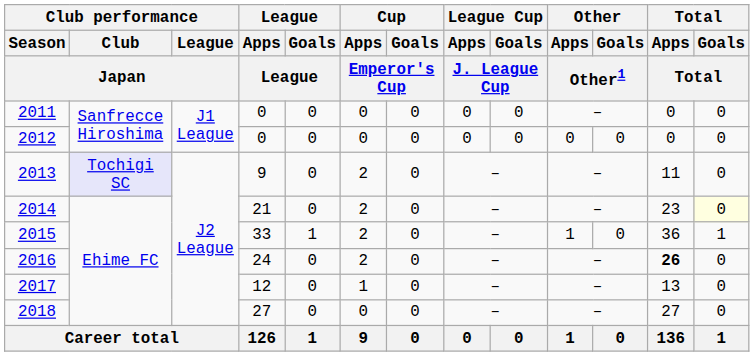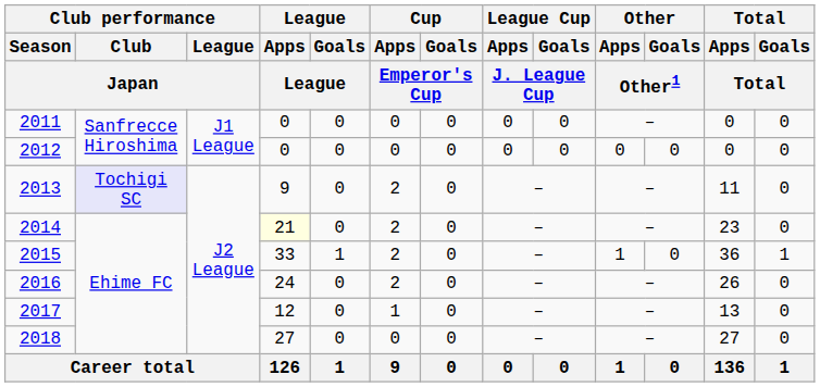 <table class="wikitable" style="text-align:center">
 <tr>
 <th colspan=3>Club performance</th>
 <th colspan=2>League</th>
 <th colspan=2>Cup</th>
 <th colspan=2>League Cup</th>
 <th colspan=2>Other</th>
 <th colspan=2>Total</th>
 </tr>
 <tr>
 <th>Season</th>
 <th>Club</th>
 <th>League</th>
 <th>Apps</th>
 <th>Goals</th>
 <th>Apps</th>
 <th>Goals</th>
 <th>Apps</th>
 <th>Goals</th>
 <th>Apps</th>
 <th>Goals</th>
 <th>Apps</th>
 <th>Goals</th>
 </tr>
 <tr>
 <th colspan=3>Japan</th>
 <th colspan=2>League</th>
 <th colspan=2><a href='#'>Emperor's Cup</a></th>
 <th colspan=2><a href='#'>J. League Cup</a></th>
 <th colspan="2">Other<sup><a href='#'>1</a></sup></th>
 <th colspan=2>Total</th>
 </tr>
 <tr>
 <td><a href='#'>2011</a></td>
 <td rowspan="2"><a href='#'>Sanfrecce Hiroshima</a></td>
 <td rowspan="2"><a href='#'>J1 League</a></td>
 <td>0</td>
 <td>0</td>
 <td>0</td>
 <td>0</td>
 <td>0</td>
 <td>0</td>
 <td colspan="2">–</td>
 <td>0</td>
 <td>0</td>
 </tr>
 <tr>
 <td><a href='#'>2012</a></td>
 <td>0</td>
 <td>0</td>
 <td>0</td>
 <td>0</td>
 <td>0</td>
 <td>0</td>
 <td>0</td>
 <td>0</td>
 <td>0</td>
 <td>0</td>
 </tr>
 <tr>
 <td><a href='#'>2013</a></td>
 <td rowspan="1" style="background: lavender;"><a href='#'>Tochigi SC</a></td>
 <td rowspan="6"><a href='#'>J2 League</a></td>
 <td>9</td>
 <td>0</td>
 <td>2</td>
 <td>0</td>
 <td colspan="2">–</td>
 <td colspan="2">–</td>
 <td>11</td>
 <td>0</td>
 </tr>
 <tr>
 <td><a href='#'>2014</a></td>
 <td rowspan="5"><a href='#'>Ehime FC</a></td>
-<td>21</td>
+<td style="background: lightyellow;">21</td>
 <td>0</td>
 <td>2</td>
 <td>0</td>
 <td colspan="2">–</td>
 <td colspan="2">–</td>
 <td>23</td>
-<td style="background: lightyellow;">0</td>
+<td>0</td>
 </tr>
 <tr>
 <td><a href='#'>2015</a></td>
 <td>33</td>
 <td>1</td>
 <td>2</td>
 <td>0</td>
 <td colspan="2">–</td>
 <td>1</td>
 <td>0</td>
 <td>36</td>
 <td>1</td>
 </tr>
 <tr>
 <td><a href='#'>2016</a></td>
 <td>24</td>
 <td>0</td>
 <td>2</td>
 <td>0</td>
 <td colspan="2">–</td>
 <td colspan="2">–</td>
-<td><strong>26</strong></td>
+<td>26</td>
 <td>0</td>
 </tr>
 <tr>
 <td><a href='#'>2017</a></td>
 <td>12</td>
 <td>0</td>
 <td>1</td>
 <td>0</td>
 <td colspan="2">–</td>
 <td colspan="2">–</td>
 <td>13</td>
 <td>0</td>
 </tr>
 <tr>
 <td><a href='#'>2018</a></td>
 <td>27</td>
 <td>0</td>
 <td>0</td>
 <td>0</td>
 <td colspan="2">–</td>
 <td colspan="2">–</td>
 <td>27</td>
 <td>0</td>
 </tr>
 <tr>
 <th colspan=3>Career total</th>
 <th>126</th>
 <th>1</th>
 <th>9</th>
 <th>0</th>
 <th>0</th>
 <th>0</th>
 <th>1</th>
 <th>0</th>
 <th>136</th>
 <th>1</th>
 </tr>
 </table>
